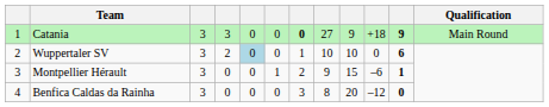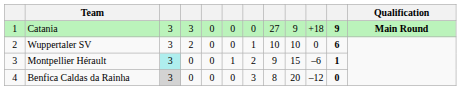 <table class="wikitable" style="font-size: 95%">
 <tr>
 <th width="25"></th>
 <th width="200">Team</th>
 <th width="25"></th>
 <th width="25"></th>
 <th width="25"></th>
 <th width="25"></th>
 <th width="25"></th>
 <th width="25"></th>
 <th width="25"></th>
 <th width="25"></th>
 <th width="25"></th>
 <th width="160">Qualification</th>
 </tr>
 <tr align=center bgcolor=#bbf3bb>
 <td>1</td>
 <td align=left> Catania</td>
 <td>3</td>
 <td>3</td>
 <td>0</td>
 <td>0</td>
-<td><strong>0</strong></td>
+<td>0</td>
 <td>27</td>
 <td>9</td>
 <td>+18</td>
 <td><strong>9</strong></td>
-<td>Main Round</td>
+<td><strong>Main Round</strong></td>
 </tr>
 <tr align=center>
 <td>2</td>
 <td align=left> Wuppertaler SV</td>
 <td>3</td>
 <td>2</td>
-<td style="background: lightblue;">0</td>
+<td>0</td>
 <td>0</td>
 <td>1</td>
 <td>10</td>
 <td>10</td>
 <td>0</td>
 <td><strong>6</strong></td>
 <td rowspan=3></td>
 </tr>
 <tr align=center>
 <td>3</td>
 <td align=left> Montpellier Hérault</td>
-<td>3</td>
+<td style="background: paleturquoise;">3</td>
 <td>0</td>
 <td>0</td>
 <td>1</td>
 <td>2</td>
 <td>9</td>
 <td>15</td>
 <td>–6</td>
 <td><strong>1</strong></td>
 </tr>
 <tr align=center>
 <td>4</td>
 <td align=left> Benfica Caldas da Rainha</td>
-<td>3</td>
+<td style="background: lightgrey;">3</td>
 <td>0</td>
 <td>0</td>
 <td>0</td>
 <td>3</td>
 <td>8</td>
 <td>20</td>
 <td>–12</td>
 <td><strong>0</strong></td>
 </tr>
 </table>
